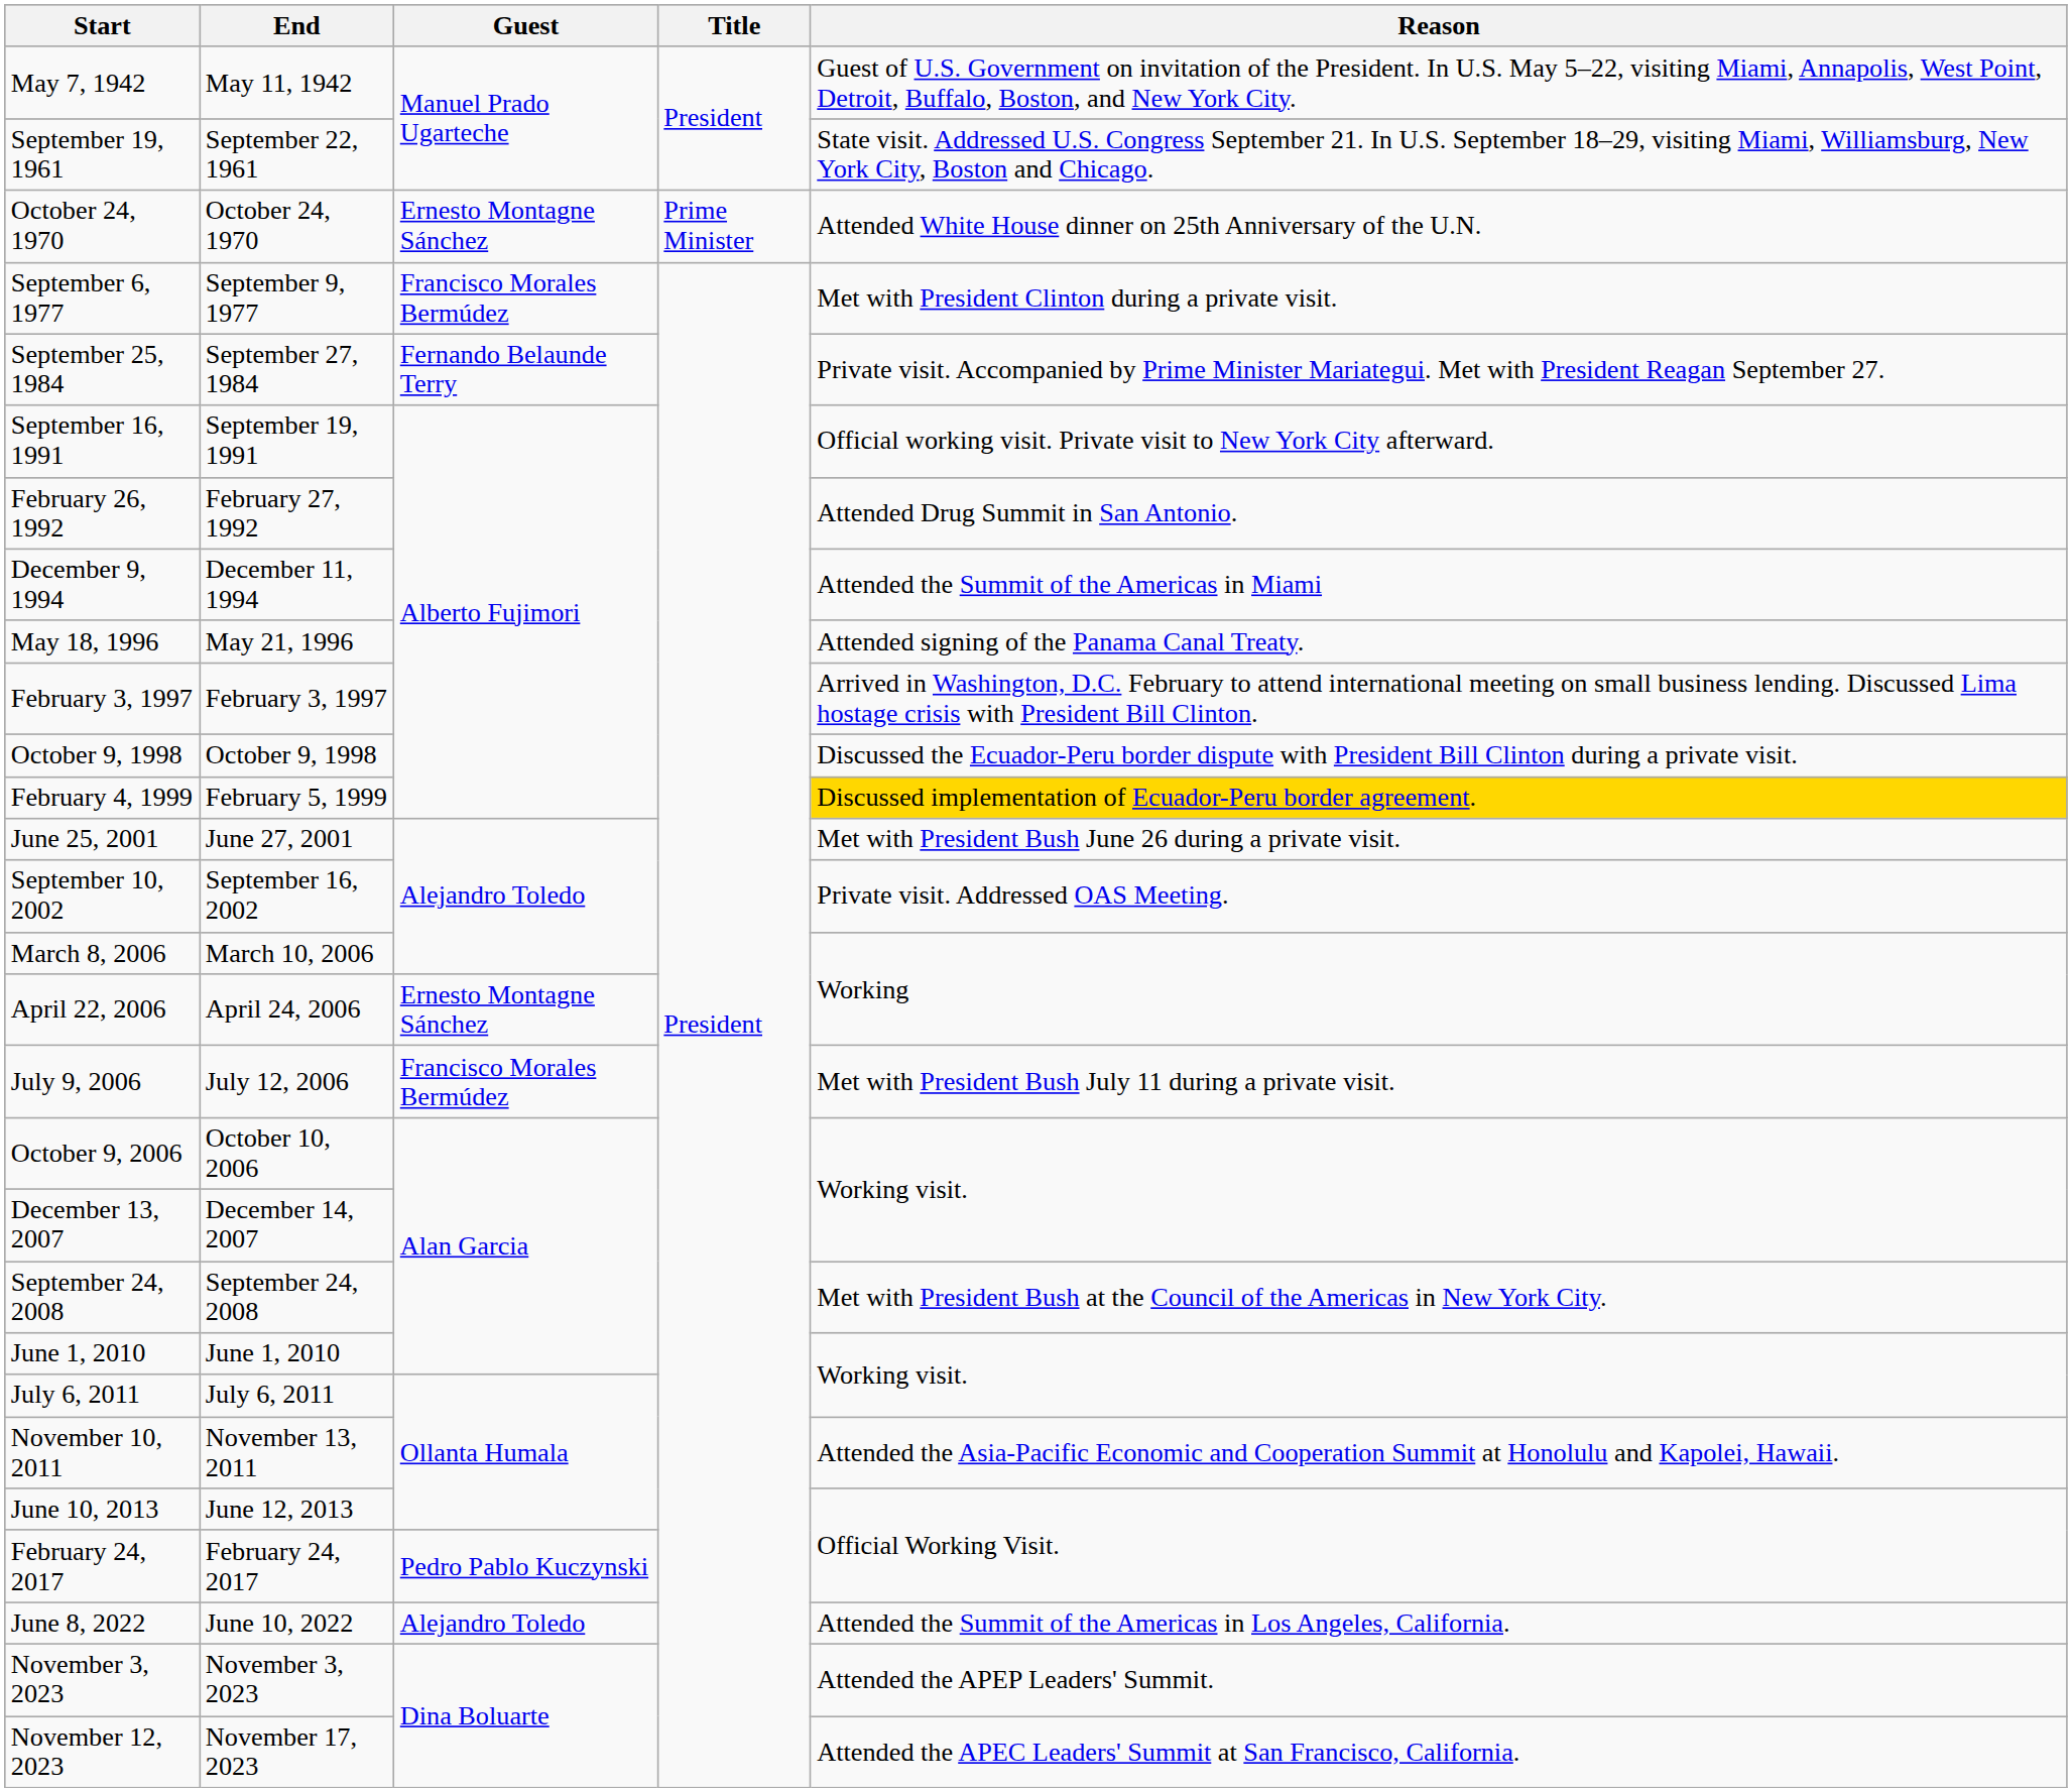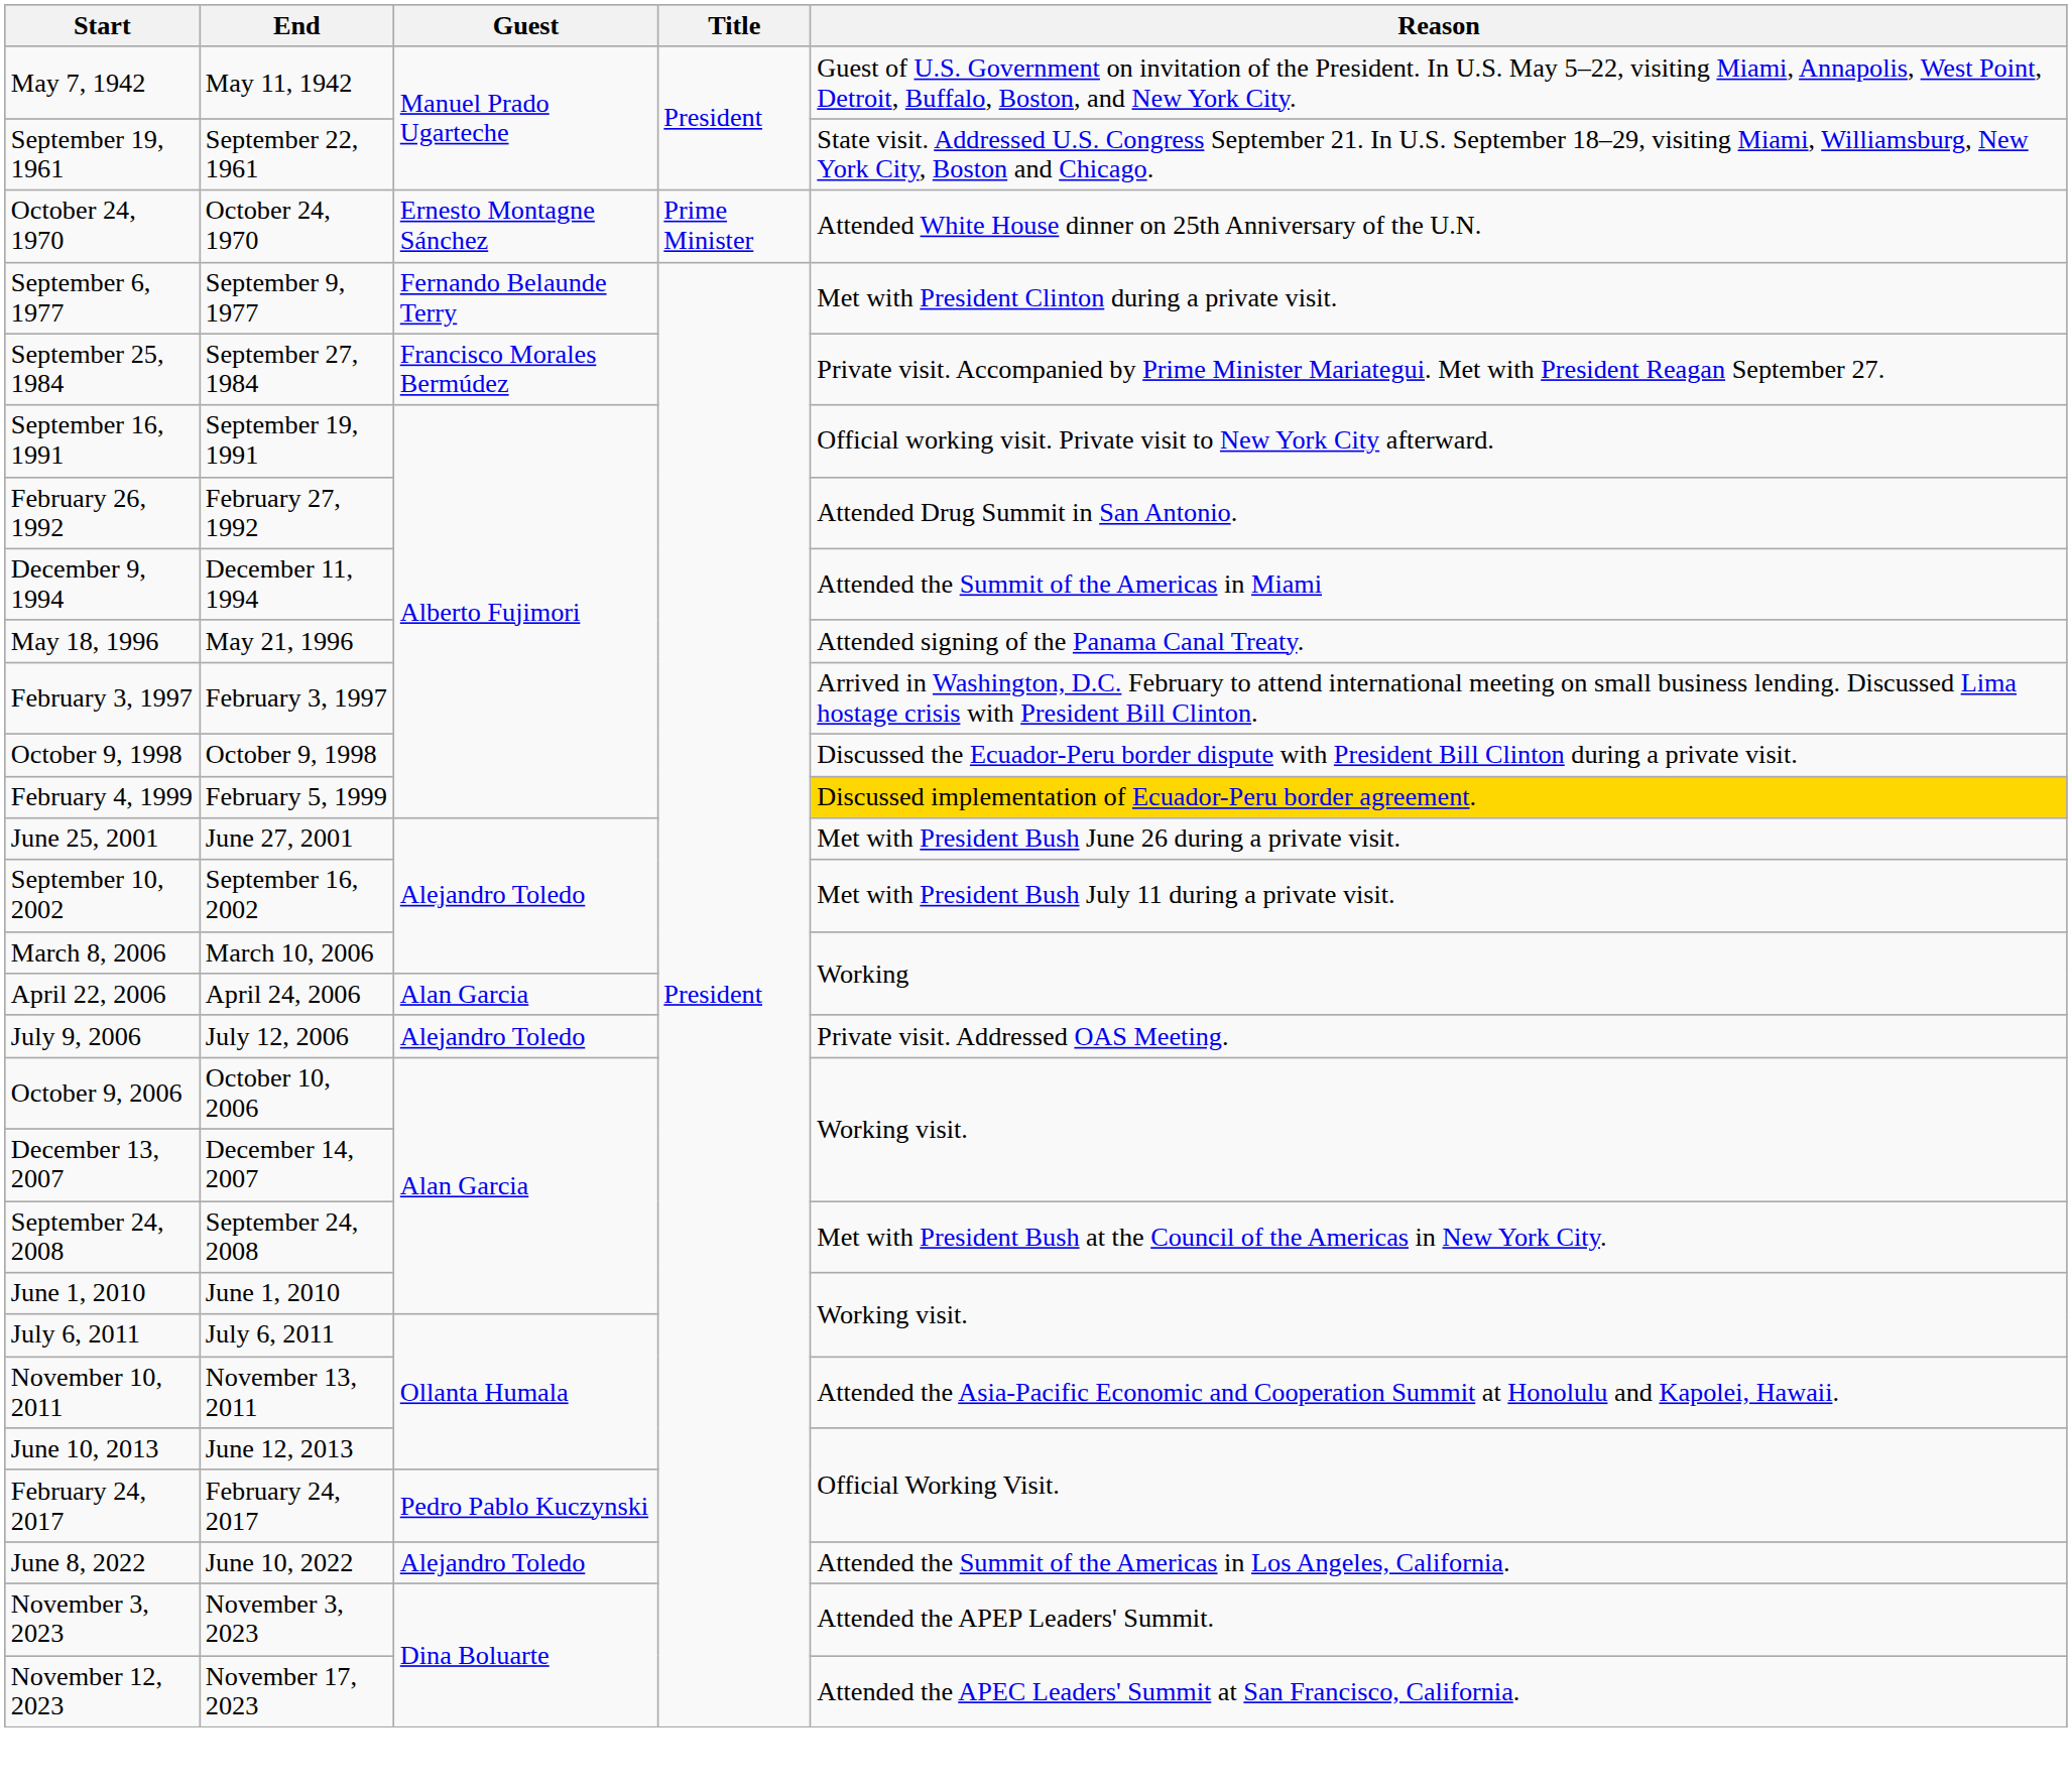 <table class="wikitable sortable">
 <tr>
 <th>Start</th>
 <th>End</th>
 <th>Guest</th>
 <th>Title</th>
 <th>Reason</th>
 </tr>
 <tr>
 <td>May 7, 1942</td>
 <td>May 11, 1942</td>
 <td rowspan=2><a href='#'>Manuel Prado Ugarteche</a></td>
 <td rowspan=2><a href='#'>President</a></td>
 <td>Guest of <a href='#'>U.S. Government</a> on invitation of the President. In U.S. May 5–22, visiting <a href='#'>Miami</a>, <a href='#'>Annapolis</a>, <a href='#'>West Point</a>, <a href='#'>Detroit</a>, <a href='#'>Buffalo</a>, <a href='#'>Boston</a>, and <a href='#'>New York City</a>.</td>
 </tr>
 <tr>
 <td>September 19, 1961</td>
 <td>September 22, 1961</td>
 <td>State visit. <a href='#'>Addressed U.S. Congress</a> September 21. In U.S. September 18–29, visiting <a href='#'>Miami</a>, <a href='#'>Williamsburg</a>, <a href='#'>New York City</a>, <a href='#'>Boston</a> and <a href='#'>Chicago</a>.</td>
 </tr>
 <tr>
 <td>October 24, 1970</td>
 <td>October 24, 1970</td>
 <td><a href='#'>Ernesto Montagne Sánchez</a></td>
 <td><a href='#'>Prime Minister</a></td>
 <td>Attended <a href='#'>White House</a> dinner on 25th Anniversary of the U.N.</td>
 </tr>
 <tr>
 <td>September 6, 1977</td>
 <td>September 9, 1977</td>
-<td><a href='#'>Francisco Morales Bermúdez</a></td>
+<td><a href='#'>Fernando Belaunde Terry</a></td>
 <td rowspan="25"><a href='#'>President</a></td>
 <td>Met with <a href='#'>President Clinton</a> during a private visit.</td>
 </tr>
 <tr>
 <td>September 25, 1984</td>
 <td>September 27, 1984</td>
-<td><a href='#'>Fernando Belaunde Terry</a></td>
+<td><a href='#'>Francisco Morales Bermúdez</a></td>
 <td>Private visit. Accompanied by <a href='#'>Prime Minister Mariategui</a>. Met with <a href='#'>President Reagan</a> September 27.</td>
 </tr>
 <tr>
 <td>September 16, 1991</td>
 <td>September 19, 1991</td>
 <td rowspan=7><a href='#'>Alberto Fujimori</a></td>
 <td>Official working visit. Private visit to <a href='#'>New York City</a> afterward.</td>
 </tr>
 <tr>
 <td>February 26, 1992</td>
 <td>February 27, 1992</td>
 <td>Attended Drug Summit in <a href='#'>San Antonio</a>.</td>
 </tr>
 <tr>
 <td>December 9, 1994</td>
 <td>December 11, 1994</td>
 <td>Attended the <a href='#'>Summit of the Americas</a> in <a href='#'>Miami</a></td>
 </tr>
 <tr>
 <td>May 18, 1996</td>
 <td>May 21, 1996</td>
 <td>Attended signing of the <a href='#'>Panama Canal Treaty</a>.</td>
 </tr>
 <tr>
 <td>February 3, 1997</td>
 <td>February 3, 1997</td>
 <td>Arrived in <a href='#'>Washington, D.C.</a> February to attend international meeting on small business lending. Discussed <a href='#'>Lima hostage crisis</a> with <a href='#'>President Bill Clinton</a>.</td>
 </tr>
 <tr>
 <td>October 9, 1998</td>
 <td>October 9, 1998</td>
 <td>Discussed the <a href='#'>Ecuador-Peru border dispute</a> with <a href='#'>President Bill Clinton</a> during a private visit.</td>
 </tr>
 <tr>
 <td>February 4, 1999</td>
 <td>February 5, 1999</td>
 <td style="background: gold;">Discussed implementation of <a href='#'>Ecuador-Peru border agreement</a>.</td>
 </tr>
 <tr>
 <td>June 25, 2001</td>
 <td>June 27, 2001</td>
 <td rowspan=3><a href='#'>Alejandro Toledo</a></td>
 <td>Met with <a href='#'>President Bush</a> June 26 during a private visit.</td>
 </tr>
 <tr>
 <td>September 10, 2002</td>
 <td>September 16, 2002</td>
-<td>Private visit. Addressed <a href='#'>OAS Meeting</a>.</td>
+<td>Met with <a href='#'>President Bush</a> July 11 during a private visit.</td>
 </tr>
 <tr>
 <td>March 8, 2006</td>
 <td>March 10, 2006</td>
 <td rowspan=2>Working</td>
 </tr>
 <tr>
 <td>April 22, 2006</td>
 <td>April 24, 2006</td>
-<td><a href='#'>Ernesto Montagne Sánchez</a></td>
+<td><a href='#'>Alan Garcia</a></td>
 </tr>
 <tr>
 <td>July 9, 2006</td>
 <td>July 12, 2006</td>
-<td><a href='#'>Francisco Morales Bermúdez</a></td>
-<td>Met with <a href='#'>President Bush</a> July 11 during a private visit.</td>
+<td><a href='#'>Alejandro Toledo</a></td>
+<td>Private visit. Addressed <a href='#'>OAS Meeting</a>.</td>
 </tr>
 <tr>
 <td>October 9, 2006</td>
 <td>October 10, 2006</td>
 <td rowspan=4><a href='#'>Alan Garcia</a></td>
 <td rowspan=2>Working visit.</td>
 </tr>
 <tr>
 <td>December 13, 2007</td>
 <td>December 14, 2007</td>
 </tr>
 <tr>
 <td>September 24, 2008</td>
 <td>September 24, 2008</td>
 <td>Met with <a href='#'>President Bush</a> at the <a href='#'>Council of the Americas</a> in <a href='#'>New York City</a>.</td>
 </tr>
 <tr>
 <td>June 1, 2010</td>
 <td>June 1, 2010</td>
 <td rowspan=2>Working visit.</td>
 </tr>
 <tr>
 <td>July 6, 2011</td>
 <td>July 6, 2011</td>
 <td rowspan=3><a href='#'>Ollanta Humala</a></td>
 </tr>
 <tr>
 <td>November 10, 2011</td>
 <td>November 13, 2011</td>
 <td>Attended the <a href='#'>Asia-Pacific Economic and Cooperation Summit</a> at <a href='#'>Honolulu</a> and <a href='#'>Kapolei, Hawaii</a>.</td>
 </tr>
 <tr>
 <td>June 10, 2013</td>
 <td>June 12, 2013</td>
 <td rowspan=2>Official Working Visit.</td>
 </tr>
 <tr>
 <td>February 24, 2017</td>
 <td>February 24, 2017</td>
 <td><a href='#'>Pedro Pablo Kuczynski</a></td>
 </tr>
 <tr>
 <td>June 8, 2022</td>
 <td>June 10, 2022</td>
 <td><a href='#'>Alejandro Toledo</a></td>
 <td>Attended the <a href='#'>Summit of the Americas</a> in <a href='#'>Los Angeles, California</a>.</td>
 </tr>
 <tr>
 <td>November 3, 2023</td>
 <td>November 3, 2023</td>
 <td rowspan=2><a href='#'>Dina Boluarte</a></td>
 <td>Attended the APEP Leaders' Summit.</td>
 </tr>
 <tr>
 <td>November 12, 2023</td>
 <td>November 17, 2023</td>
 <td>Attended the <a href='#'>APEC Leaders' Summit</a> at <a href='#'>San Francisco, California</a>.</td>
 </tr>
 </table>
